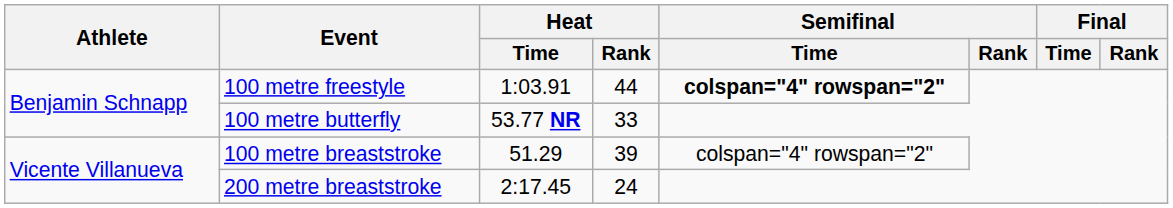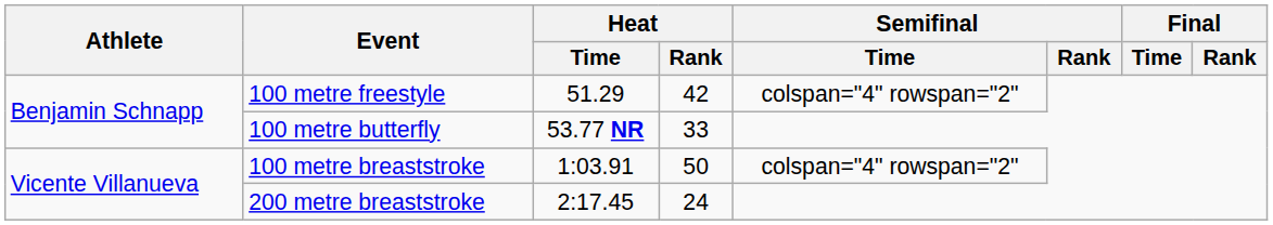 <table class="wikitable" style="text-align:center; font-size:90%; width:50%;">
 <tr>
 <th rowspan="2">Athlete</th>
 <th rowspan="2">Event</th>
 <th colspan="2">Heat</th>
 <th colspan="2">Semifinal</th>
 <th colspan="2">Final</th>
 </tr>
 <tr style="font-size:95%">
 <th>Time</th>
 <th>Rank</th>
 <th>Time</th>
 <th>Rank</th>
 <th>Time</th>
 <th>Rank</th>
 </tr>
 <tr align=center>
 <td align=left rowspan="2"><a href='#'>Benjamin Schnapp</a></td>
 <td align=left><a href='#'>100 metre freestyle</a></td>
-<td>1:03.91</td>
-<td>44</td>
-<td><strong>colspan="4" rowspan="2" </strong></td>
+<td>51.29</td>
+<td>42</td>
+<td>colspan="4" rowspan="2" </td>
 </tr>
 <tr align=center>
 <td align=left><a href='#'>100 metre butterfly</a></td>
 <td>53.77 <strong><a href='#'>NR</a></strong></td>
 <td>33</td>
 </tr>
 <tr align=center>
 <td align=left rowspan="2"><a href='#'>Vicente Villanueva</a></td>
 <td align=left><a href='#'>100 metre breaststroke</a></td>
-<td>51.29</td>
-<td>39</td>
+<td>1:03.91</td>
+<td>50</td>
 <td>colspan="4" rowspan="2" </td>
 </tr>
 <tr align=center>
 <td align=left><a href='#'>200 metre breaststroke</a></td>
 <td>2:17.45</td>
 <td>24</td>
 </tr>
 </table>
